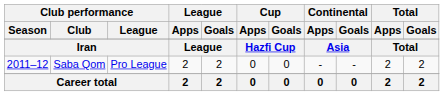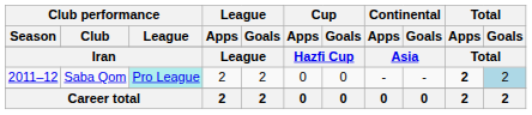 <table class="wikitable" style="text-align:center">
 <tr>
 <th colspan=3>Club performance</th>
 <th colspan=2>League</th>
 <th colspan=2>Cup</th>
 <th colspan=2>Continental</th>
 <th colspan=2>Total</th>
 </tr>
 <tr>
 <th>Season</th>
 <th>Club</th>
 <th>League</th>
 <th>Apps</th>
 <th>Goals</th>
 <th>Apps</th>
 <th>Goals</th>
 <th>Apps</th>
 <th>Goals</th>
 <th>Apps</th>
 <th>Goals</th>
 </tr>
 <tr>
 </tr>
 <tr>
 <th colspan=3>Iran</th>
 <th colspan=2>League</th>
 <th colspan=2><a href='#'>Hazfi Cup</a></th>
 <th colspan=2><a href='#'>Asia</a></th>
 <th colspan=2>Total</th>
 </tr>
 <tr>
 <td><a href='#'>2011–12</a></td>
 <td rowspan="1"><a href='#'>Saba Qom</a></td>
-<td rowspan="1"><a href='#'>Pro League</a></td>
+<td rowspan="1" style="background: paleturquoise;"><a href='#'>Pro League</a></td>
 <td>2</td>
 <td>2</td>
 <td>0</td>
 <td>0</td>
 <td>-</td>
 <td>-</td>
-<td>2</td>
-<td>2</td>
+<td><strong>2</strong></td>
+<td style="background: lightblue;">2</td>
 </tr>
 <tr>
 </tr>
 <tr>
 <th colspan=3>Career total</th>
 <th>2</th>
 <th>2</th>
 <th>0</th>
 <th>0</th>
 <th>0</th>
 <th>0</th>
 <th>2</th>
 <th>2</th>
 </tr>
 </table>
